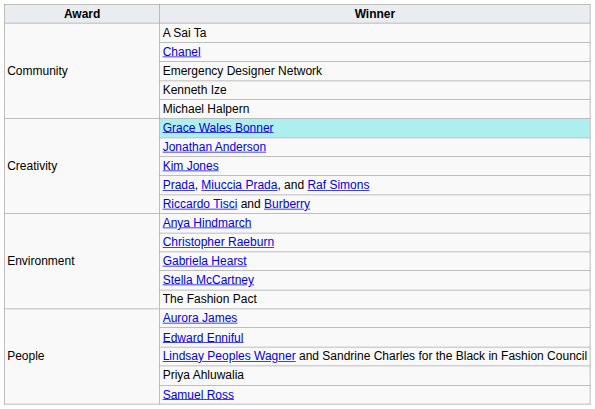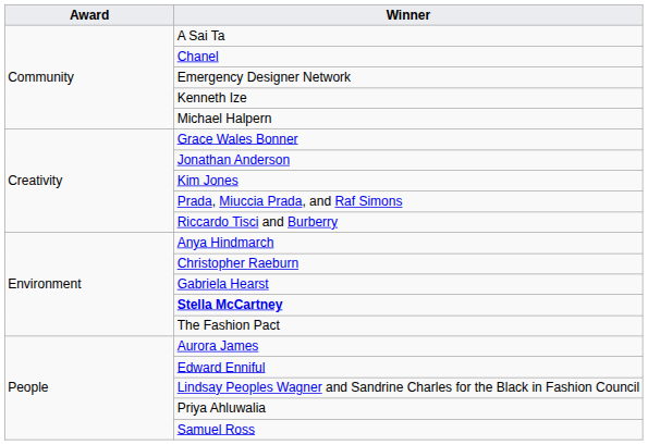 <table class="wikitable">
 <tr>
 <th style="background:#EAECF0">Award</th>
 <th style="background:#EAECF0">Winner</th>
 </tr>
 <tr>
 <td rowspan="5" width="200">Community</td>
 <td>A Sai Ta</td>
 </tr>
 <tr>
 <td><a href='#'>Chanel</a></td>
 </tr>
 <tr>
 <td>Emergency Designer Network</td>
 </tr>
 <tr>
 <td>Kenneth Ize</td>
 </tr>
 <tr>
 <td>Michael Halpern</td>
 </tr>
 <tr>
 <td rowspan="5" width="200">Creativity</td>
-<td style="background: paleturquoise;"><a href='#'>Grace Wales Bonner</a></td>
+<td><a href='#'>Grace Wales Bonner</a></td>
 </tr>
 <tr>
 <td><a href='#'>Jonathan Anderson</a></td>
 </tr>
 <tr>
 <td><a href='#'>Kim Jones</a></td>
 </tr>
 <tr>
 <td><a href='#'>Prada</a>, <a href='#'>Miuccia Prada</a>, and <a href='#'>Raf Simons</a></td>
 </tr>
 <tr>
 <td><a href='#'>Riccardo Tisci</a> and <a href='#'>Burberry</a></td>
 </tr>
 <tr>
 <td rowspan="5" width="200">Environment</td>
 <td><a href='#'>Anya Hindmarch</a></td>
 </tr>
 <tr>
 <td><a href='#'>Christopher Raeburn</a></td>
 </tr>
 <tr>
 <td><a href='#'>Gabriela Hearst</a></td>
 </tr>
 <tr>
-<td><a href='#'>Stella McCartney</a></td>
+<td><strong><a href='#'>Stella McCartney</a></strong></td>
 </tr>
 <tr>
 <td>The Fashion Pact</td>
 </tr>
 <tr>
 <td rowspan="5">People</td>
 <td><a href='#'>Aurora James</a></td>
 </tr>
 <tr>
 <td><a href='#'>Edward Enniful</a></td>
 </tr>
 <tr>
 <td><a href='#'>Lindsay Peoples Wagner</a> and Sandrine Charles for the Black in Fashion Council</td>
 </tr>
 <tr>
 <td>Priya Ahluwalia</td>
 </tr>
 <tr>
 <td><a href='#'>Samuel Ross</a></td>
 </tr>
 </table>
